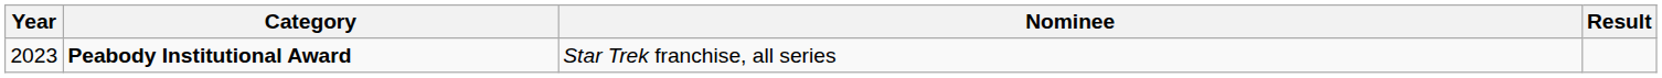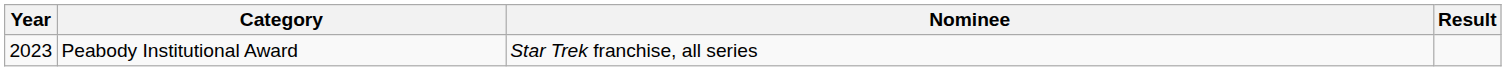 <table class="wikitable">
 <tr>
 <th width="3.5%">Year</th>
 <th width="30%">Category</th>
 <th>Nominee</th>
 <th width="3.5%">Result</th>
 </tr>
 <tr>
 <td align="center">2023</td>
-<td><strong>Peabody Institutional Award</strong></td>
+<td>Peabody Institutional Award</td>
 <td><em>Star Trek</em> franchise, all series</td>
 <td></td>
 </tr>
 </table>
